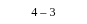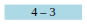 <table style="text-align:center">
 <tr>
 <th width=200></th>
 <th width=100></th>
 <th width=200></th>
 </tr>
 <tr>
 <td align=right><strong></strong></td>
-<td>4 – 3</td>
+<td style="background: lightblue;">4 – 3</td>
 <td align=left></td>
 </tr>
 </table>
